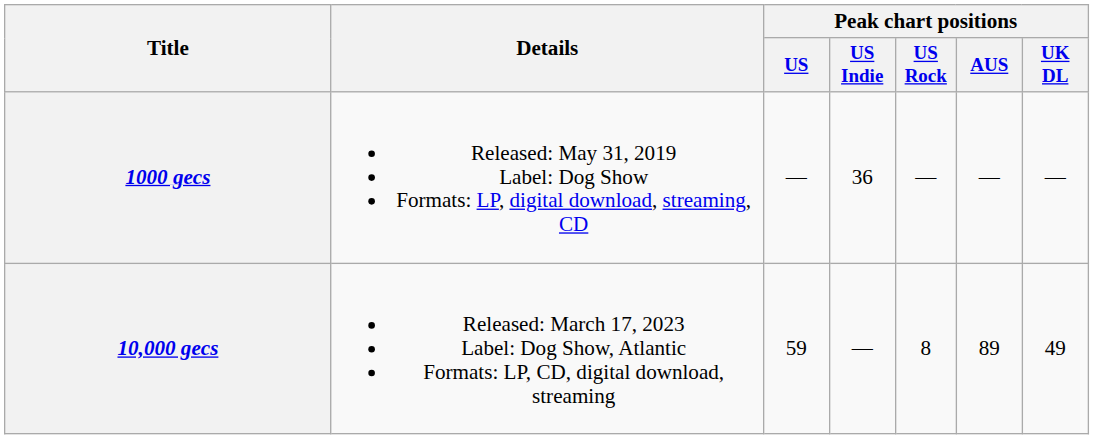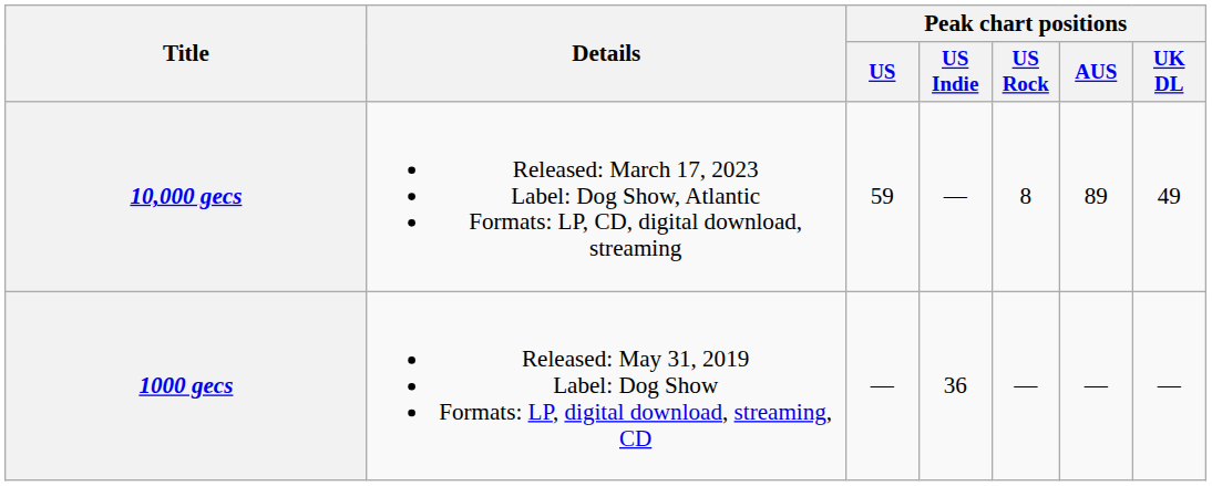 <table class="wikitable plainrowheaders" style="text-align:center;" border="1">
 <tr>
 <th scope="col" rowspan="2" style="width:15em;">Title</th>
 <th scope="col" rowspan="2" style="width:20em;">Details</th>
 <th scope="col" colspan="5">Peak chart positions</th>
 </tr>
 <tr>
 <th scope="col" style="width:3em;font-size:90%;"><a href='#'>US</a><br></th>
 <th scope="col" style="width:3em;font-size:90%;"><a href='#'>US<br>Indie</a><br></th>
 <th scope="col" style="width:2.75em;font-size:90%;"><a href='#'>US<br>Rock</a><br></th>
 <th scope="col" style="width:3em;font-size:90%;"><a href='#'>AUS</a><br></th>
 <th scope="col" style="width:3em;font-size:90%;"><a href='#'>UK<br>DL</a><br></th>
 </tr>
 <tr>
+<th scope="row"><em><a href='#'>10,000 gecs</a></em></th>
+<td><br><ul><li>Released: March 17, 2023</li><li>Label: Dog Show, Atlantic</li><li>Formats: LP, CD, digital download, streaming</li></ul></td>
+<td>59</td>
+<td>—</td>
+<td>8</td>
+<td>89</td>
+<td>49</td>
+</tr>
+<tr>
 <th scope="row"><em><a href='#'>1000 gecs</a></em></th>
 <td><br><ul><li>Released: May 31, 2019</li><li>Label: Dog Show</li><li>Formats: <a href='#'>LP</a>, <a href='#'>digital download</a>, <a href='#'>streaming</a>, <a href='#'>CD</a></li></ul></td>
 <td>—</td>
 <td>36</td>
 <td>—</td>
 <td>—</td>
 <td>—</td>
 </tr>
-<tr>
-<th scope="row"><em><a href='#'>10,000 gecs</a></em></th>
-<td><br><ul><li>Released: March 17, 2023</li><li>Label: Dog Show, Atlantic</li><li>Formats: LP, CD, digital download, streaming</li></ul></td>
-<td>59</td>
-<td>—</td>
-<td>8</td>
-<td>89</td>
-<td>49</td>
-</tr>
 </table>
